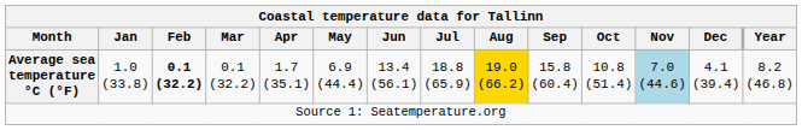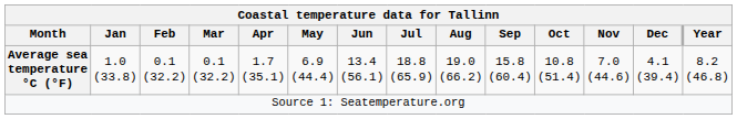 <table style="width:100%;text-align:center;line-height:1.2em;margin-left:auto;margin-right:auto" class="wikitable mw-collapsible">
 <tr>
 <th Colspan=14>Coastal temperature data for Tallinn</th>
 </tr>
 <tr>
 <th>Month</th>
 <th>Jan</th>
 <th>Feb</th>
 <th>Mar</th>
 <th>Apr</th>
 <th>May</th>
 <th>Jun</th>
 <th>Jul</th>
 <th>Aug</th>
 <th>Sep</th>
 <th>Oct</th>
 <th>Nov</th>
 <th>Dec</th>
 <th style="border-left-width:medium">Year</th>
 </tr>
 <tr>
 <th>Average sea temperature °C (°F)</th>
 <td>1.0<br>(33.8)</td>
-<td><strong>0.1<br>(32.2)</strong></td>
+<td>0.1<br>(32.2)</td>
 <td>0.1<br>(32.2)</td>
 <td>1.7<br>(35.1)</td>
 <td>6.9<br>(44.4)</td>
 <td>13.4<br>(56.1)</td>
 <td>18.8<br>(65.9)</td>
-<td style="background: gold;">19.0<br>(66.2)</td>
+<td>19.0<br>(66.2)</td>
 <td>15.8<br>(60.4)</td>
 <td>10.8<br>(51.4)</td>
-<td style="background: lightblue;">7.0<br>(44.6)</td>
+<td>7.0<br>(44.6)</td>
 <td>4.1<br>(39.4)</td>
 <td>8.2<br>(46.8)</td>
 </tr>
 <tr>
 <th Colspan=14 style="background:#f8f9fa;font-weight:normal;font-size:95%;">Source 1: Seatemperature.org</th>
 </tr>
 </table>
